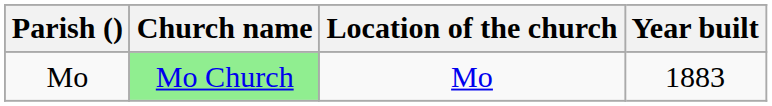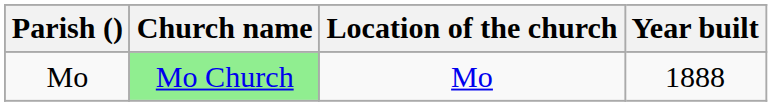 <table class="wikitable" style="text-align:center">
 <tr>
 <th>Parish ()</th>
 <th>Church name</th>
 <th>Location of the church</th>
 <th>Year built</th>
 </tr>
 <tr>
 <td>Mo</td>
 <td style="background: lightgreen;"><a href='#'>Mo Church</a></td>
 <td><a href='#'>Mo</a></td>
-<td>1883</td>
+<td>1888</td>
 </tr>
 </table>
